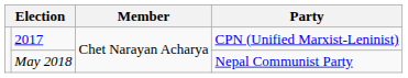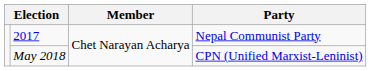 <table class="wikitable">
 <tr>
 <th colspan="2">Election</th>
 <th>Member</th>
 <th>Party</th>
 </tr>
 <tr>
 <td rowspan="2" style="background-color:"></td>
 <td><a href='#'>2017</a></td>
 <td rowspan="2">Chet Narayan Acharya</td>
-<td><a href='#'>CPN (Unified Marxist-Leninist)</a></td>
+<td><a href='#'>Nepal Communist Party</a></td>
 </tr>
 <tr>
 <td><em>May 2018</em></td>
-<td><a href='#'>Nepal Communist Party</a></td>
+<td><a href='#'>CPN (Unified Marxist-Leninist)</a></td>
 </tr>
 </table>
